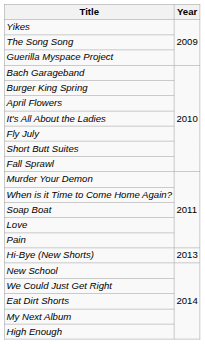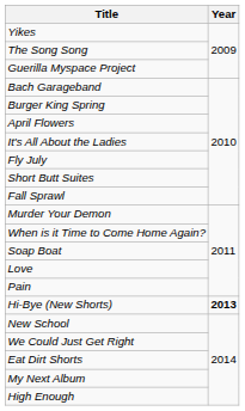 <table class="wikitable mw-collapsible autocollapse">
 <tr>
 <th>Title</th>
 <th>Year</th>
 </tr>
 <tr>
 <td><em>Yikes</em></td>
 <td rowspan="3">2009</td>
 </tr>
 <tr>
 <td><em>The Song Song</em></td>
 </tr>
 <tr>
 <td><em>Guerilla Myspace Project</em></td>
 </tr>
 <tr>
 <td><em>Bach Garageband</em></td>
 <td rowspan="7">2010</td>
 </tr>
 <tr>
 <td><em>Burger King Spring</em></td>
 </tr>
 <tr>
 <td><em>April Flowers</em></td>
 </tr>
 <tr>
 <td><em>It's All About the Ladies</em></td>
 </tr>
 <tr>
 <td><em>Fly July</em></td>
 </tr>
 <tr>
 <td><em>Short Butt Suites</em></td>
 </tr>
 <tr>
 <td><em>Fall Sprawl</em></td>
 </tr>
 <tr>
 <td><em>Murder Your Demon</em></td>
 <td rowspan="5">2011</td>
 </tr>
 <tr>
 <td><em>When is it Time to Come Home Again?</em></td>
 </tr>
 <tr>
 <td><em>Soap Boat</em></td>
 </tr>
 <tr>
 <td><em>Love</em></td>
 </tr>
 <tr>
 <td><em>Pain</em></td>
 </tr>
 <tr>
 <td><em>Hi-Bye (New Shorts)</em></td>
-<td>2013</td>
+<td><strong>2013</strong></td>
 </tr>
 <tr>
 <td><em>New School</em></td>
 <td rowspan="5">2014</td>
 </tr>
 <tr>
 <td><em>We Could Just Get Right</em></td>
 </tr>
 <tr>
 <td><em>Eat Dirt Shorts</em></td>
 </tr>
 <tr>
 <td><em>My Next Album</em></td>
 </tr>
 <tr>
 <td><em>High Enough</em></td>
 </tr>
 </table>
